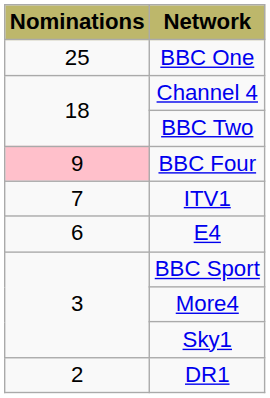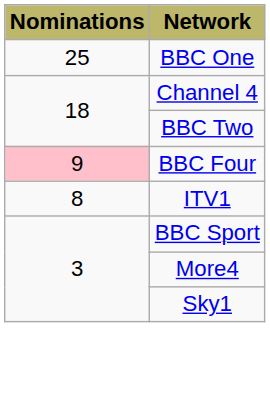 <table class="wikitable" style="text-align:center;">
 <tr>
 <th style="background:#BDB76B;">Nominations</th>
 <th style="background:#BDB76B;">Network</th>
 </tr>
 <tr>
 <td>25</td>
 <td><a href='#'>BBC One</a></td>
 </tr>
 <tr>
 <td rowspan = "2">18</td>
 <td><a href='#'>Channel 4</a></td>
 </tr>
 <tr>
 <td><a href='#'>BBC Two</a></td>
 </tr>
 <tr>
 <td style="background: pink;">9</td>
 <td><a href='#'>BBC Four</a></td>
 </tr>
 <tr>
-<td>7</td>
+<td>8</td>
 <td><a href='#'>ITV1</a></td>
-</tr>
-<tr>
-<td>6</td>
-<td><a href='#'>E4</a></td>
 </tr>
 <tr>
 <td rowspan="3">3</td>
 <td><a href='#'>BBC Sport</a></td>
 </tr>
 <tr>
 <td><a href='#'>More4</a></td>
 </tr>
 <tr>
 <td><a href='#'>Sky1</a></td>
 </tr>
-<tr>
-<td>2</td>
-<td><a href='#'>DR1</a></td>
-</tr>
 </table>
